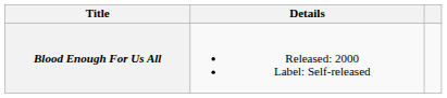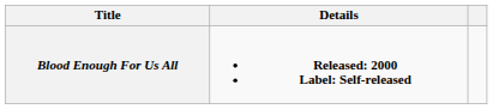 <table class="wikitable plainrowheaders" style="text-align:center;">
 <tr>
 <th scope="col" style="width:15em;">Title</th>
 <th scope="col" style="width:19em;">Details</th>
 <th scope="col" style="width:1em;"></th>
 </tr>
 <tr>
 <th scope="row"><em>Blood Enough For Us All</em></th>
-<td><br><ul><li>Released: 2000</li><li>Label: Self-released</li></ul></td>
+<td><strong><br><ul><li>Released: 2000</li><li>Label: Self-released</li></ul></strong></td>
 <td></td>
 </tr>
 </table>
